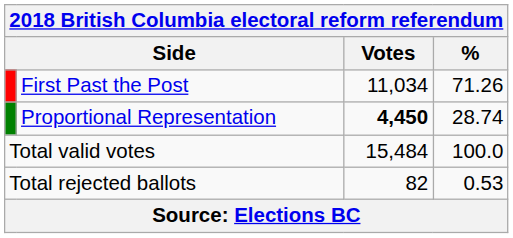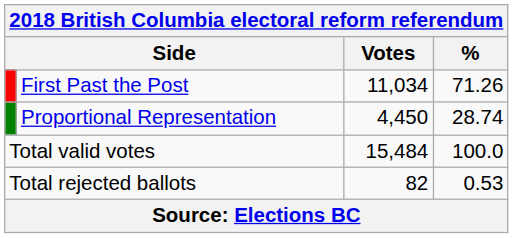 <table class="wikitable">
 <tr>
 <th colspan="4"><a href='#'>2018 British Columbia electoral reform referendum</a></th>
 </tr>
 <tr>
 <th colspan="2">Side</th>
 <th>Votes</th>
 <th>%</th>
 </tr>
 <tr>
 <td bgcolor="red"></td>
 <td><a href='#'>First Past the Post</a></td>
 <td align="right">11,034</td>
 <td align="right">71.26</td>
 </tr>
 <tr>
 <td bgcolor="green"></td>
 <td><a href='#'>Proportional Representation</a></td>
-<td align="right"><strong>4,450</strong></td>
+<td align="right">4,450</td>
 <td align="right">28.74</td>
 </tr>
 <tr>
 <td colspan="2">Total valid votes</td>
 <td align="right">15,484</td>
 <td align="right">100.0</td>
 </tr>
 <tr>
 <td colspan="2">Total rejected ballots</td>
 <td align="right">82</td>
 <td align="right">0.53</td>
 </tr>
 <tr>
 <th colspan="4">Source: <a href='#'>Elections BC</a></th>
 </tr>
 </table>
